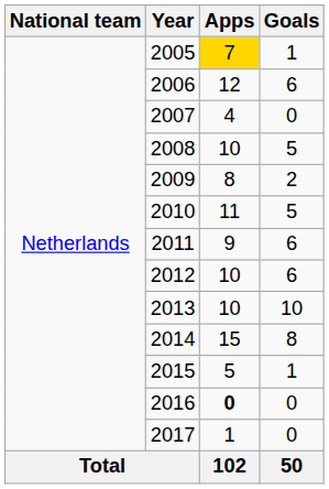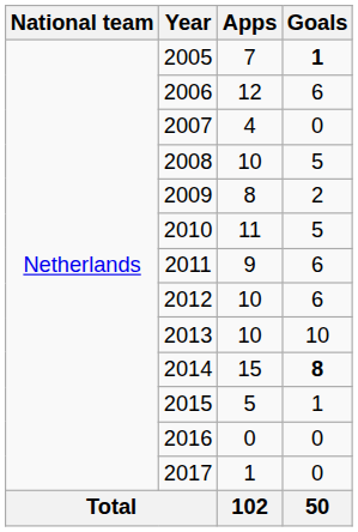 <table class="wikitable" style="text-align:center">
 <tr>
 <th>National team</th>
 <th>Year</th>
 <th>Apps</th>
 <th>Goals</th>
 </tr>
 <tr>
 <td rowspan="13"><a href='#'>Netherlands</a></td>
 <td>2005</td>
-<td style="background: gold;">7</td>
-<td>1</td>
+<td>7</td>
+<td><strong>1</strong></td>
 </tr>
 <tr>
 <td>2006</td>
 <td>12</td>
 <td>6</td>
 </tr>
 <tr>
 <td>2007</td>
 <td>4</td>
 <td>0</td>
 </tr>
 <tr>
 <td>2008</td>
 <td>10</td>
 <td>5</td>
 </tr>
 <tr>
 <td>2009</td>
 <td>8</td>
 <td>2</td>
 </tr>
 <tr>
 <td>2010</td>
 <td>11</td>
 <td>5</td>
 </tr>
 <tr>
 <td>2011</td>
 <td>9</td>
 <td>6</td>
 </tr>
 <tr>
 <td>2012</td>
 <td>10</td>
 <td>6</td>
 </tr>
 <tr>
 <td>2013</td>
 <td>10</td>
 <td>10</td>
 </tr>
 <tr>
 <td>2014</td>
 <td>15</td>
-<td>8</td>
+<td><strong>8</strong></td>
 </tr>
 <tr>
 <td>2015</td>
 <td>5</td>
 <td>1</td>
 </tr>
 <tr>
 <td>2016</td>
-<td><strong>0</strong></td>
+<td>0</td>
 <td>0</td>
 </tr>
 <tr>
 <td>2017</td>
 <td>1</td>
 <td>0</td>
 </tr>
 <tr>
 <th colspan="2">Total</th>
 <th>102</th>
 <th>50</th>
 </tr>
 </table>
